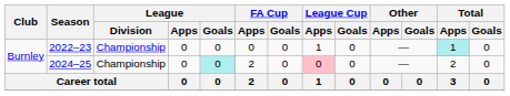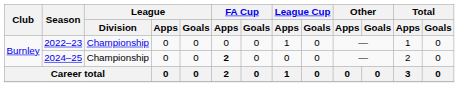 <table class="wikitable" style="text-align:center">
 <tr>
 <th rowspan="2">Club</th>
 <th rowspan="2">Season</th>
 <th colspan="3">League</th>
 <th colspan="2"><a href='#'>FA Cup</a></th>
 <th colspan="2"><a href='#'>League Cup</a></th>
 <th colspan="2">Other</th>
 <th colspan="2">Total</th>
 </tr>
 <tr>
 <th>Division</th>
 <th>Apps</th>
 <th>Goals</th>
 <th>Apps</th>
 <th>Goals</th>
 <th>Apps</th>
 <th>Goals</th>
 <th>Apps</th>
 <th>Goals</th>
 <th>Apps</th>
 <th>Goals</th>
 </tr>
 <tr>
 <td rowspan="2"><a href='#'>Burnley</a></td>
 <td><a href='#'>2022–23</a></td>
 <td><a href='#'>Championship</a></td>
 <td>0</td>
 <td>0</td>
 <td>0</td>
 <td>0</td>
 <td>1</td>
 <td>0</td>
 <td colspan="2">—</td>
-<td style="background: paleturquoise;">1</td>
+<td>1</td>
 <td>0</td>
 </tr>
 <tr>
 <td><a href='#'>2024–25</a></td>
 <td>Championship</td>
 <td>0</td>
-<td style="background: paleturquoise;">0</td>
-<td>2</td>
 <td>0</td>
-<td style="background: pink;">0</td>
+<td><strong>2</strong></td>
+<td>0</td>
+<td>0</td>
 <td>0</td>
 <td colspan="2">—</td>
 <td>2</td>
 <td>0</td>
 </tr>
 <tr>
 <th colspan="3">Career total</th>
 <th>0</th>
 <th>0</th>
 <th>2</th>
 <th>0</th>
 <th>1</th>
 <th>0</th>
 <th>0</th>
 <th>0</th>
 <th>3</th>
 <th>0</th>
 </tr>
 <tr>
 </tr>
 </table>
